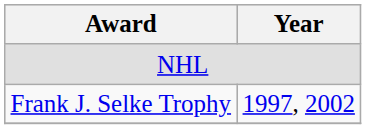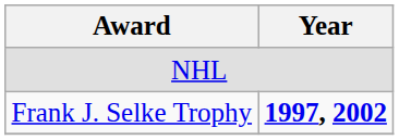 <table class="wikitable">
 <tr>
 <th>Award</th>
 <th>Year</th>
 </tr>
 <tr ALIGN="center" bgcolor="#e0e0e0">
 <td colspan="3"><a href='#'>NHL</a></td>
 </tr>
 <tr>
 <td><a href='#'>Frank J. Selke Trophy</a></td>
-<td><a href='#'>1997</a>, <a href='#'>2002</a></td>
+<td><strong><a href='#'>1997</a>, <a href='#'>2002</a></strong></td>
 </tr>
 <tr>
 </tr>
 </table>
